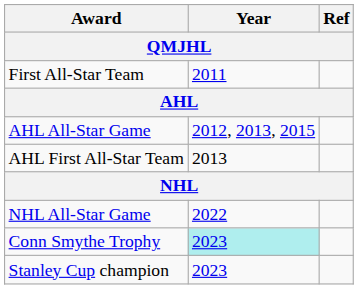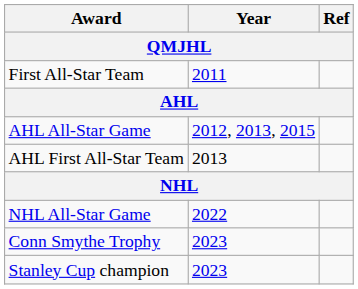 <table class="wikitable">
 <tr>
 <th>Award</th>
 <th>Year</th>
 <th>Ref</th>
 </tr>
 <tr>
 <th colspan="3"><a href='#'>QMJHL</a></th>
 </tr>
 <tr>
 <td>First All-Star Team</td>
 <td><a href='#'>2011</a></td>
 <td></td>
 </tr>
 <tr>
 <th colspan="3"><a href='#'>AHL</a></th>
 </tr>
 <tr>
 <td><a href='#'>AHL All-Star Game</a></td>
 <td><a href='#'>2012</a>, <a href='#'>2013</a>, <a href='#'>2015</a></td>
 <td></td>
 </tr>
 <tr>
 <td>AHL First All-Star Team</td>
 <td>2013</td>
 <td></td>
 </tr>
 <tr>
 <th colspan="3"><a href='#'>NHL</a></th>
 </tr>
 <tr>
 <td><a href='#'>NHL All-Star Game</a></td>
 <td><a href='#'>2022</a></td>
 <td></td>
 </tr>
 <tr>
 <td><a href='#'>Conn Smythe Trophy</a></td>
-<td style="background: paleturquoise;"><a href='#'>2023</a></td>
+<td><a href='#'>2023</a></td>
 <td></td>
 </tr>
 <tr>
 <td><a href='#'>Stanley Cup</a> champion</td>
 <td><a href='#'>2023</a></td>
 <td></td>
 </tr>
 </table>
